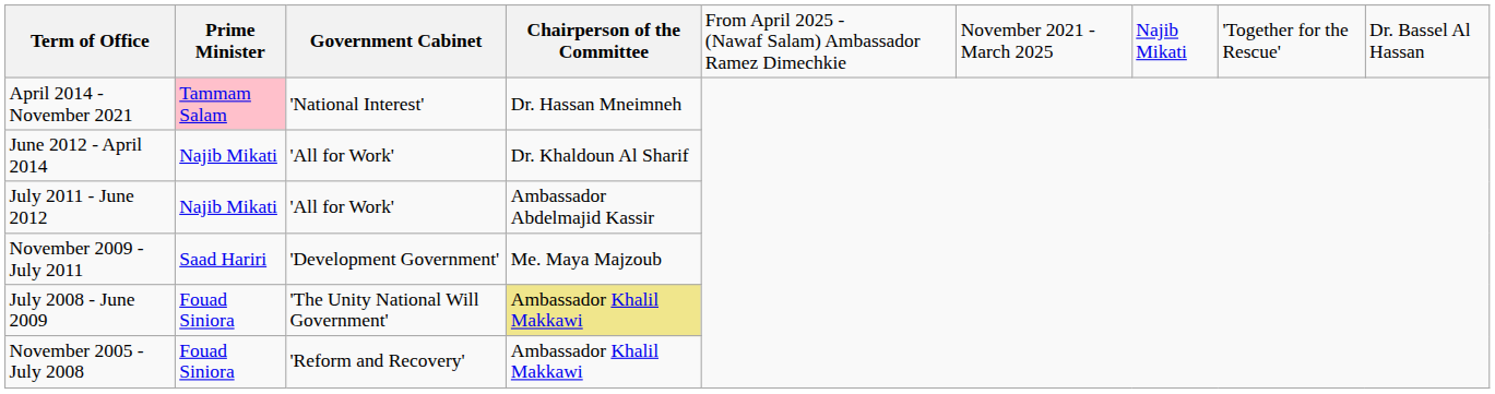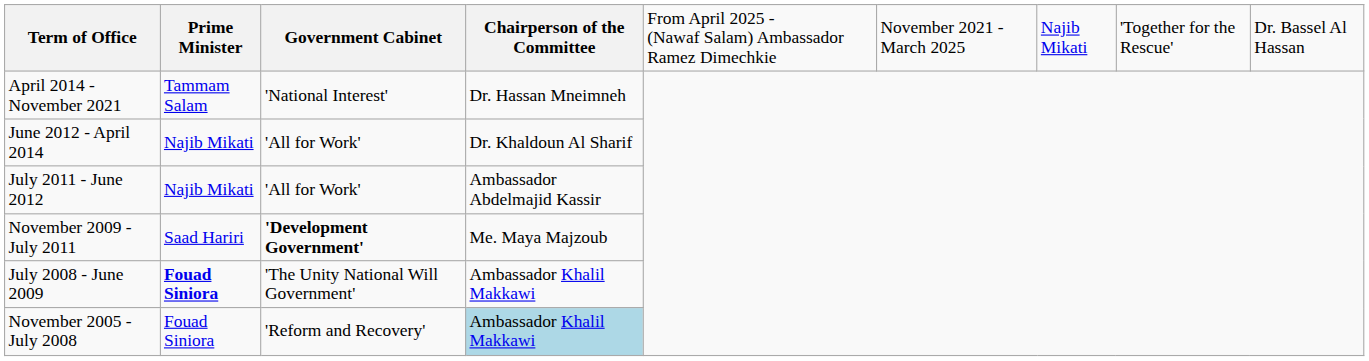 <table class="wikitable">
 <tr>
 <th>Term of Office</th>
 <th>Prime Minister</th>
 <th>Government Cabinet</th>
 <th>Chairperson of the Committee</th>
 <td>From April 2025 -<br>(Nawaf Salam) Ambassador Ramez Dimechkie</td>
 <td>November 2021 - March 2025</td>
 <td><a href='#'>Najib Mikati</a></td>
 <td>'Together for the Rescue'</td>
 <td>Dr. Bassel Al Hassan</td>
 </tr>
 <tr>
 <td>April 2014 - November 2021</td>
-<td style="background: pink;"><a href='#'>Tammam Salam</a></td>
+<td><a href='#'>Tammam Salam</a></td>
 <td>'National Interest'</td>
 <td>Dr. Hassan Mneimneh</td>
 </tr>
 <tr>
 <td>June 2012 - April 2014</td>
 <td><a href='#'>Najib Mikati</a></td>
 <td>'All for Work'</td>
 <td>Dr. Khaldoun Al Sharif</td>
 </tr>
 <tr>
 <td>July 2011 - June 2012</td>
 <td><a href='#'>Najib Mikati</a></td>
 <td>'All for Work'</td>
 <td>Ambassador Abdelmajid Kassir</td>
 </tr>
 <tr>
 <td>November 2009 - July 2011</td>
 <td><a href='#'>Saad Hariri</a></td>
-<td>'Development Government'</td>
+<td><strong>'Development Government'</strong></td>
 <td>Me. Maya Majzoub</td>
 </tr>
 <tr>
 <td>July 2008 - June 2009</td>
-<td><a href='#'>Fouad Siniora</a></td>
+<td><strong><a href='#'>Fouad Siniora</a></strong></td>
 <td>'The Unity National Will Government'</td>
-<td style="background: khaki;">Ambassador <a href='#'>Khalil Makkawi</a></td>
+<td>Ambassador <a href='#'>Khalil Makkawi</a></td>
 </tr>
 <tr>
 <td>November 2005 - July 2008</td>
 <td><a href='#'>Fouad Siniora</a></td>
 <td>'Reform and Recovery'</td>
-<td>Ambassador <a href='#'>Khalil Makkawi</a></td>
+<td style="background: lightblue;">Ambassador <a href='#'>Khalil Makkawi</a></td>
 </tr>
 </table>
